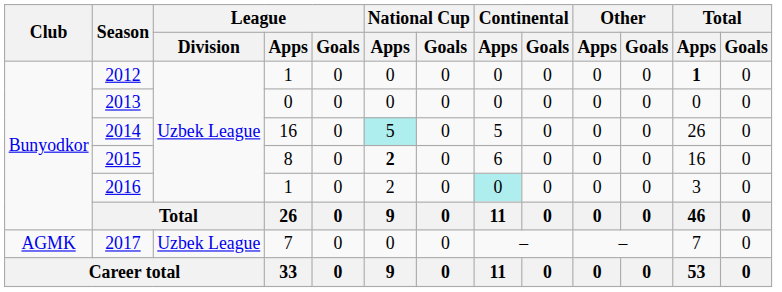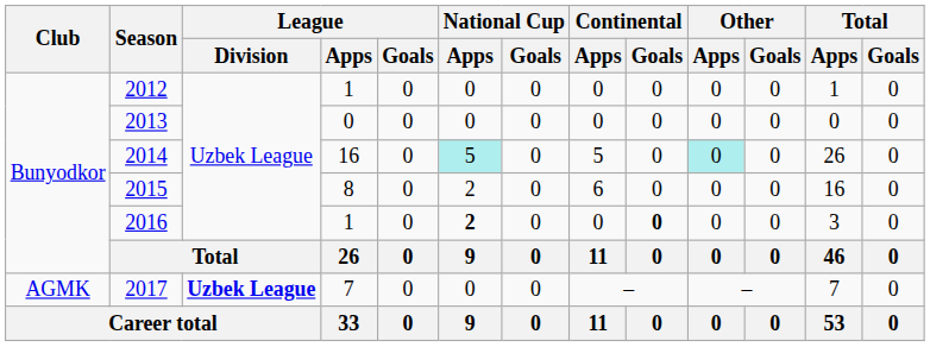 <table class="wikitable" style="text-align: center;">
 <tr>
 <th rowspan="2">Club</th>
 <th rowspan="2">Season</th>
 <th colspan="3">League</th>
 <th colspan="2">National Cup</th>
 <th colspan="2">Continental</th>
 <th colspan="2">Other</th>
 <th colspan="2">Total</th>
 </tr>
 <tr>
 <th>Division</th>
 <th>Apps</th>
 <th>Goals</th>
 <th>Apps</th>
 <th>Goals</th>
 <th>Apps</th>
 <th>Goals</th>
 <th>Apps</th>
 <th>Goals</th>
 <th>Apps</th>
 <th>Goals</th>
 </tr>
 <tr>
 <td rowspan=6><a href='#'>Bunyodkor</a></td>
 <td><a href='#'>2012</a></td>
 <td rowspan=5><a href='#'>Uzbek League</a></td>
 <td>1</td>
 <td>0</td>
 <td>0</td>
 <td>0</td>
 <td>0</td>
 <td>0</td>
 <td>0</td>
 <td>0</td>
-<td><strong>1</strong></td>
+<td>1</td>
 <td>0</td>
 </tr>
 <tr>
 <td><a href='#'>2013</a></td>
 <td>0</td>
 <td>0</td>
 <td>0</td>
 <td>0</td>
 <td>0</td>
 <td>0</td>
 <td>0</td>
 <td>0</td>
 <td>0</td>
 <td>0</td>
 </tr>
 <tr>
 <td><a href='#'>2014</a></td>
 <td>16</td>
 <td>0</td>
 <td style="background: paleturquoise;">5</td>
 <td>0</td>
 <td>5</td>
 <td>0</td>
-<td>0</td>
+<td style="background: paleturquoise;">0</td>
 <td>0</td>
 <td>26</td>
 <td>0</td>
 </tr>
 <tr>
 <td><a href='#'>2015</a></td>
 <td>8</td>
 <td>0</td>
-<td><strong>2</strong></td>
+<td>2</td>
 <td>0</td>
 <td>6</td>
 <td>0</td>
 <td>0</td>
 <td>0</td>
 <td>16</td>
 <td>0</td>
 </tr>
 <tr>
 <td><a href='#'>2016</a></td>
 <td>1</td>
 <td>0</td>
-<td>2</td>
+<td><strong>2</strong></td>
 <td>0</td>
-<td style="background: paleturquoise;">0</td>
 <td>0</td>
+<td><strong>0</strong></td>
 <td>0</td>
 <td>0</td>
 <td>3</td>
 <td>0</td>
 </tr>
 <tr>
 <th colspan=2>Total</th>
 <th>26</th>
 <th>0</th>
 <th>9</th>
 <th>0</th>
 <th>11</th>
 <th>0</th>
 <th>0</th>
 <th>0</th>
 <th>46</th>
 <th>0</th>
 </tr>
 <tr>
 <td valign="center"><a href='#'>AGMK</a></td>
 <td><a href='#'>2017</a></td>
-<td><a href='#'>Uzbek League</a></td>
+<td><strong><a href='#'>Uzbek League</a></strong></td>
 <td>7</td>
 <td>0</td>
 <td>0</td>
 <td>0</td>
 <td colspan="2">–</td>
 <td colspan="2">–</td>
 <td>7</td>
 <td>0</td>
 </tr>
 <tr>
 <th colspan=3>Career total</th>
 <th>33</th>
 <th>0</th>
 <th>9</th>
 <th>0</th>
 <th>11</th>
 <th>0</th>
 <th>0</th>
 <th>0</th>
 <th>53</th>
 <th>0</th>
 </tr>
 </table>
